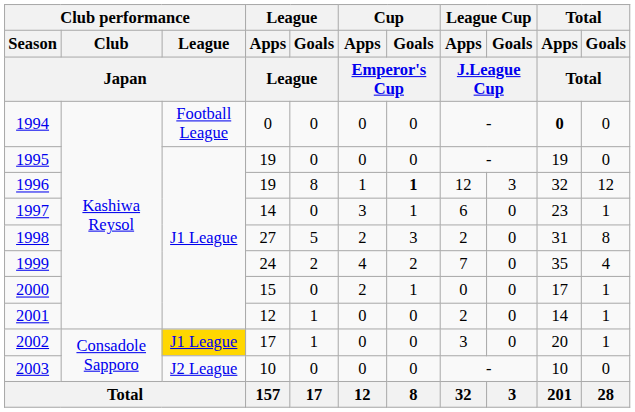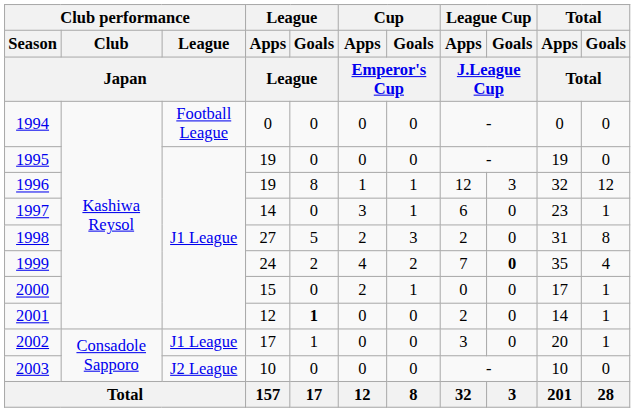 <table class="wikitable" style="text-align:center;">
 <tr>
 <th colspan=3>Club performance</th>
 <th colspan=2>League</th>
 <th colspan=2>Cup</th>
 <th colspan=2>League Cup</th>
 <th colspan=2>Total</th>
 </tr>
 <tr>
 <th>Season</th>
 <th>Club</th>
 <th>League</th>
 <th>Apps</th>
 <th>Goals</th>
 <th>Apps</th>
 <th>Goals</th>
 <th>Apps</th>
 <th>Goals</th>
 <th>Apps</th>
 <th>Goals</th>
 </tr>
 <tr>
 <th colspan=3>Japan</th>
 <th colspan=2>League</th>
 <th colspan=2><a href='#'>Emperor's Cup</a></th>
 <th colspan=2><a href='#'>J.League Cup</a></th>
 <th colspan=2>Total</th>
 </tr>
 <tr>
 <td><a href='#'>1994</a></td>
 <td rowspan="8"><a href='#'>Kashiwa Reysol</a></td>
 <td><a href='#'>Football League</a></td>
 <td>0</td>
 <td>0</td>
 <td>0</td>
 <td>0</td>
 <td colspan="2">-</td>
-<td><strong>0</strong></td>
+<td>0</td>
 <td>0</td>
 </tr>
 <tr>
 <td><a href='#'>1995</a></td>
 <td rowspan="7"><a href='#'>J1 League</a></td>
 <td>19</td>
 <td>0</td>
 <td>0</td>
 <td>0</td>
 <td colspan="2">-</td>
 <td>19</td>
 <td>0</td>
 </tr>
 <tr>
 <td><a href='#'>1996</a></td>
 <td>19</td>
 <td>8</td>
 <td>1</td>
-<td><strong>1</strong></td>
+<td>1</td>
 <td>12</td>
 <td>3</td>
 <td>32</td>
 <td>12</td>
 </tr>
 <tr>
 <td><a href='#'>1997</a></td>
 <td>14</td>
 <td>0</td>
 <td>3</td>
 <td>1</td>
 <td>6</td>
 <td>0</td>
 <td>23</td>
 <td>1</td>
 </tr>
 <tr>
 <td><a href='#'>1998</a></td>
 <td>27</td>
 <td>5</td>
 <td>2</td>
 <td>3</td>
 <td>2</td>
 <td>0</td>
 <td>31</td>
 <td>8</td>
 </tr>
 <tr>
 <td><a href='#'>1999</a></td>
 <td>24</td>
 <td>2</td>
 <td>4</td>
 <td>2</td>
 <td>7</td>
-<td>0</td>
+<td><strong>0</strong></td>
 <td>35</td>
 <td>4</td>
 </tr>
 <tr>
 <td><a href='#'>2000</a></td>
 <td>15</td>
 <td>0</td>
 <td>2</td>
 <td>1</td>
 <td>0</td>
 <td>0</td>
 <td>17</td>
 <td>1</td>
 </tr>
 <tr>
 <td><a href='#'>2001</a></td>
 <td>12</td>
-<td>1</td>
+<td><strong>1</strong></td>
 <td>0</td>
 <td>0</td>
 <td>2</td>
 <td>0</td>
 <td>14</td>
 <td>1</td>
 </tr>
 <tr>
 <td><a href='#'>2002</a></td>
 <td rowspan="2"><a href='#'>Consadole Sapporo</a></td>
-<td style="background: gold;"><a href='#'>J1 League</a></td>
+<td><a href='#'>J1 League</a></td>
 <td>17</td>
 <td>1</td>
 <td>0</td>
 <td>0</td>
 <td>3</td>
 <td>0</td>
 <td>20</td>
 <td>1</td>
 </tr>
 <tr>
 <td><a href='#'>2003</a></td>
 <td><a href='#'>J2 League</a></td>
 <td>10</td>
 <td>0</td>
 <td>0</td>
 <td>0</td>
 <td colspan="2">-</td>
 <td>10</td>
 <td>0</td>
 </tr>
 <tr>
 <th colspan=3>Total</th>
 <th>157</th>
 <th>17</th>
 <th>12</th>
 <th>8</th>
 <th>32</th>
 <th>3</th>
 <th>201</th>
 <th>28</th>
 </tr>
 </table>
